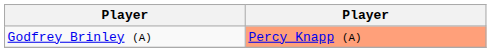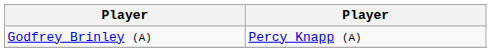 <table class="wikitable" style="font-size:98%;">
 <tr>
 <th style="width:230px;">Player</th>
 <th style="width:230px;">Player</th>
 </tr>
 <tr>
 <td>  <a href='#'>Godfrey Brinley</a> <small>(A)</small></td>
-<td style="background: lightsalmon;"> <a href='#'>Percy Knapp</a> <small>(A)</small></td>
+<td> <a href='#'>Percy Knapp</a> <small>(A)</small></td>
 </tr>
 <tr>
 </tr>
 </table>
